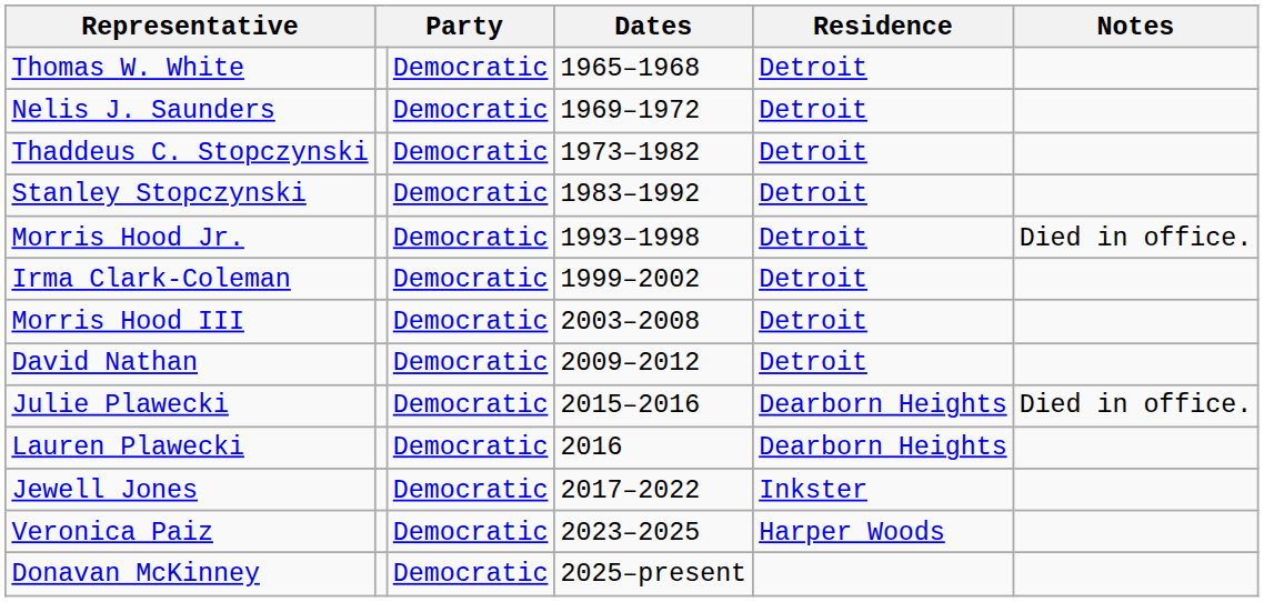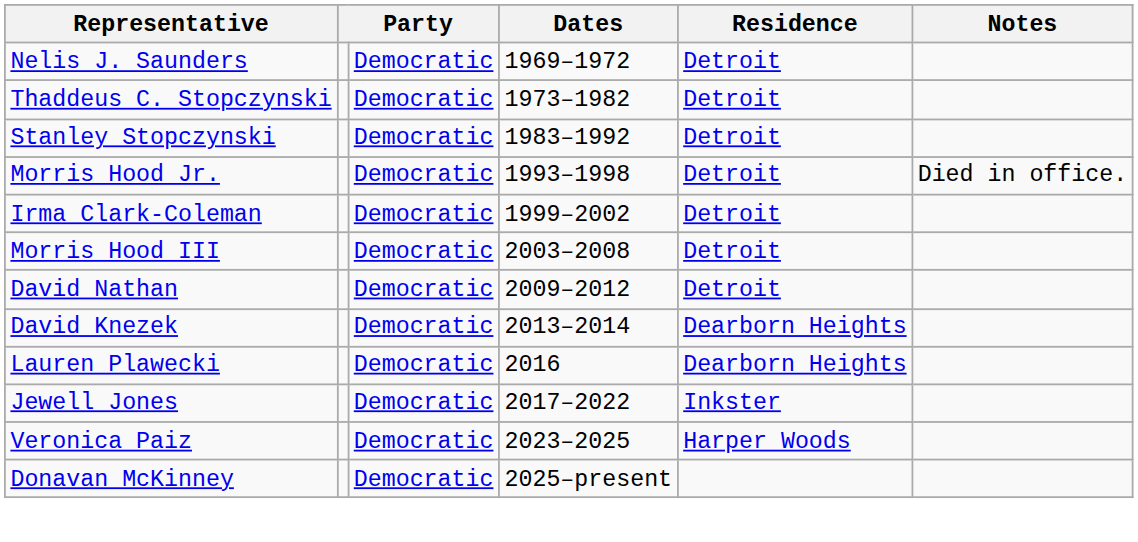 <table class=wikitable>
 <tr valign=bottom>
 <th>Representative</th>
 <th colspan="2">Party</th>
 <th>Dates</th>
 <th>Residence</th>
 <th>Notes</th>
-</tr>
-<tr>
-<td><a href='#'>Thomas W. White</a></td>
-<td bgcolor=></td>
-<td><a href='#'>Democratic</a></td>
-<td>1965–1968</td>
-<td><a href='#'>Detroit</a></td>
-<td></td>
 </tr>
 <tr>
 <td><a href='#'>Nelis J. Saunders</a></td>
 <td bgcolor=></td>
 <td><a href='#'>Democratic</a></td>
 <td>1969–1972</td>
 <td><a href='#'>Detroit</a></td>
 <td></td>
 </tr>
 <tr>
 <td><a href='#'>Thaddeus C. Stopczynski</a></td>
 <td bgcolor=></td>
 <td><a href='#'>Democratic</a></td>
 <td>1973–1982</td>
 <td><a href='#'>Detroit</a></td>
 <td></td>
 </tr>
 <tr>
 <td><a href='#'>Stanley Stopczynski</a></td>
 <td bgcolor=></td>
 <td><a href='#'>Democratic</a></td>
 <td>1983–1992</td>
 <td><a href='#'>Detroit</a></td>
 <td></td>
 </tr>
 <tr>
 <td><a href='#'>Morris Hood Jr.</a></td>
 <td bgcolor=></td>
 <td><a href='#'>Democratic</a></td>
 <td>1993–1998</td>
 <td><a href='#'>Detroit</a></td>
 <td>Died in office.</td>
 </tr>
 <tr>
 <td><a href='#'>Irma Clark-Coleman</a></td>
 <td bgcolor=></td>
 <td><a href='#'>Democratic</a></td>
 <td>1999–2002</td>
 <td><a href='#'>Detroit</a></td>
 <td></td>
 </tr>
 <tr>
 <td><a href='#'>Morris Hood III</a></td>
 <td bgcolor=></td>
 <td><a href='#'>Democratic</a></td>
 <td>2003–2008</td>
 <td><a href='#'>Detroit</a></td>
 <td></td>
 </tr>
 <tr>
 <td><a href='#'>David Nathan</a></td>
 <td bgcolor=></td>
 <td><a href='#'>Democratic</a></td>
 <td>2009–2012</td>
 <td><a href='#'>Detroit</a></td>
 <td></td>
 </tr>
 <tr>
-<td><a href='#'>Julie Plawecki</a></td>
+<td><a href='#'>David Knezek</a></td>
 <td bgcolor=></td>
 <td><a href='#'>Democratic</a></td>
-<td>2015–2016</td>
+<td>2013–2014</td>
 <td><a href='#'>Dearborn Heights</a></td>
-<td>Died in office.</td>
+<td></td>
 </tr>
 <tr>
 <td><a href='#'>Lauren Plawecki</a></td>
 <td bgcolor=></td>
 <td><a href='#'>Democratic</a></td>
 <td>2016</td>
 <td><a href='#'>Dearborn Heights</a></td>
 <td></td>
 </tr>
 <tr>
 <td><a href='#'>Jewell Jones</a></td>
 <td bgcolor=></td>
 <td><a href='#'>Democratic</a></td>
 <td>2017–2022</td>
 <td><a href='#'>Inkster</a></td>
 <td></td>
 </tr>
 <tr>
 <td><a href='#'>Veronica Paiz</a></td>
 <td bgcolor=></td>
 <td><a href='#'>Democratic</a></td>
 <td>2023–2025</td>
 <td><a href='#'>Harper Woods</a></td>
 <td></td>
 </tr>
 <tr>
 <td><a href='#'>Donavan McKinney</a></td>
 <td></td>
 <td><a href='#'>Democratic</a></td>
 <td>2025–present</td>
 <td></td>
 <td></td>
 </tr>
 </table>
